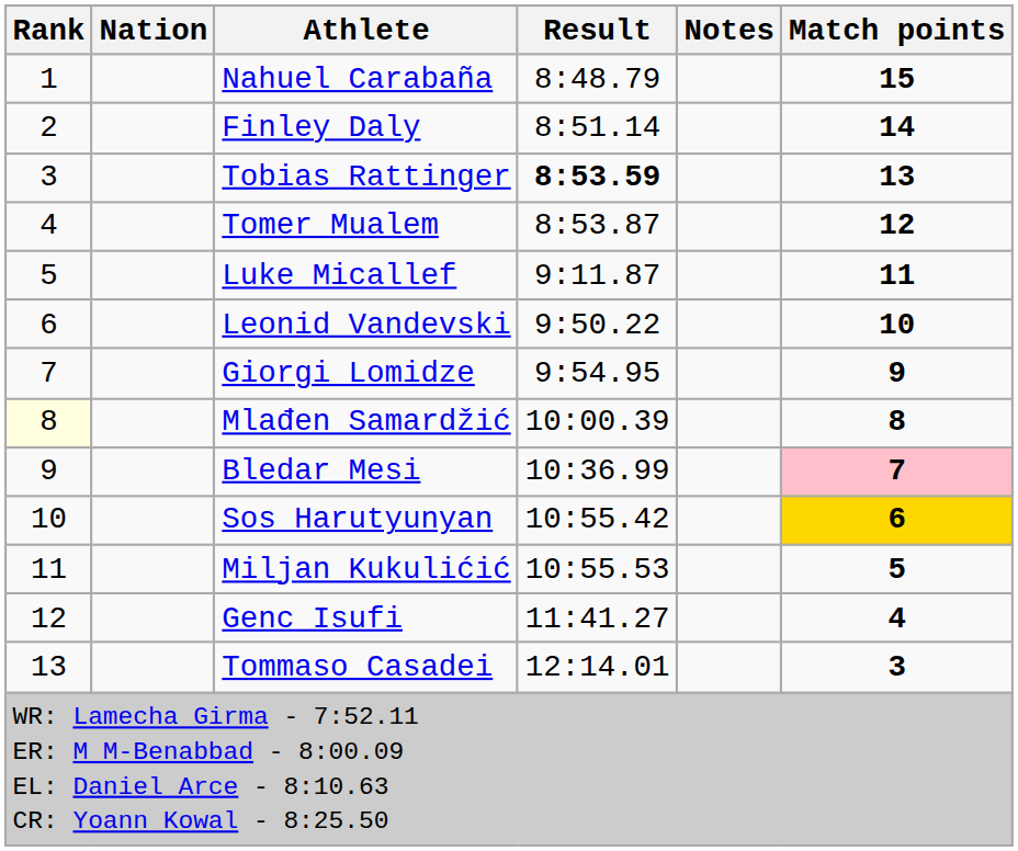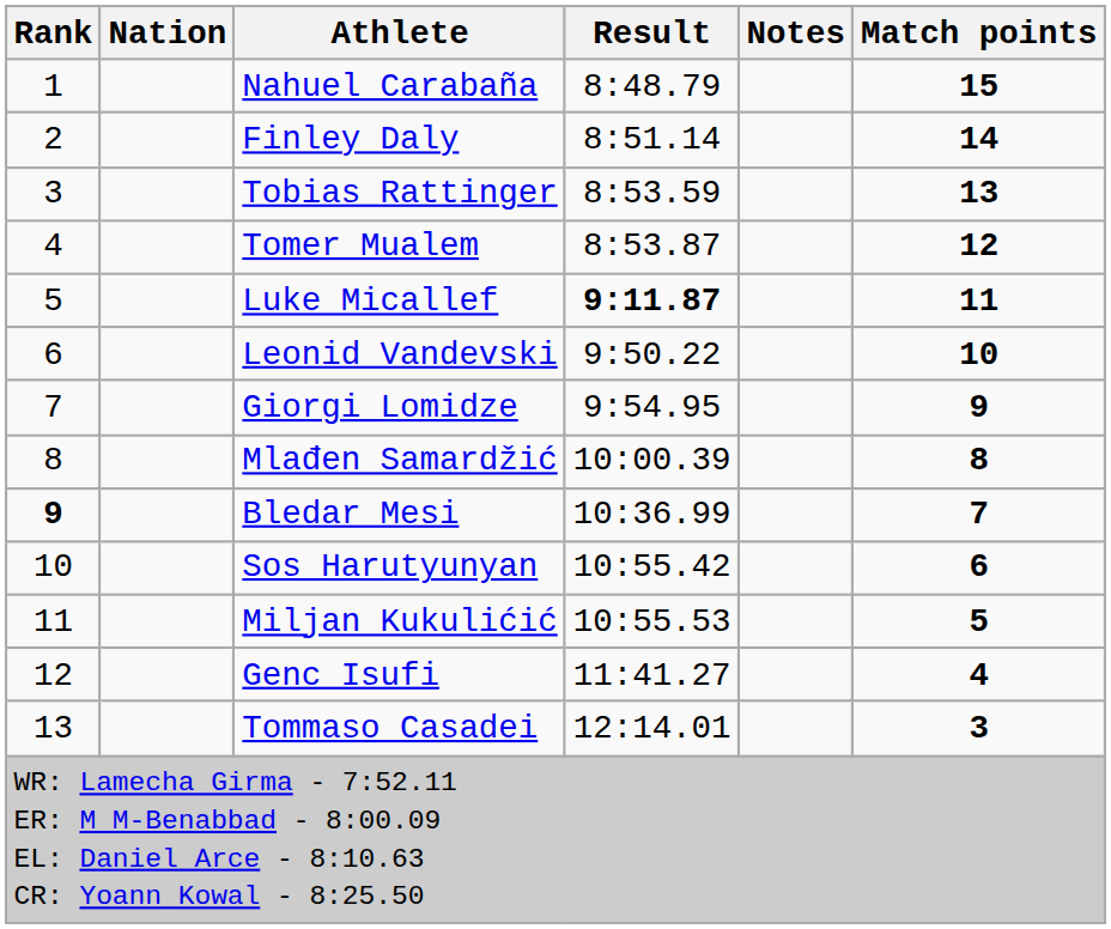 <table class="wikitable sortable" style="text-align:left;">
 <tr>
 <th>Rank</th>
 <th>Nation</th>
 <th>Athlete</th>
 <th>Result</th>
 <th>Notes</th>
 <th>Match points</th>
 </tr>
 <tr>
 <td align=center>1</td>
 <td></td>
 <td><a href='#'>Nahuel Carabaña</a></td>
 <td align=center>8:48.79</td>
 <td></td>
 <td align=center><strong>15</strong></td>
 </tr>
 <tr>
 <td align=center>2</td>
 <td></td>
 <td><a href='#'>Finley Daly</a></td>
 <td align=center>8:51.14</td>
 <td></td>
 <td align=center><strong>14</strong></td>
 </tr>
 <tr>
 <td align=center>3</td>
 <td></td>
 <td><a href='#'>Tobias Rattinger</a></td>
-<td align=center><strong>8:53.59</strong></td>
+<td align=center>8:53.59</td>
 <td></td>
 <td align=center><strong>13</strong></td>
 </tr>
 <tr>
 <td align=center>4</td>
 <td></td>
 <td><a href='#'>Tomer Mualem</a></td>
 <td align=center>8:53.87</td>
 <td></td>
 <td align=center><strong>12</strong></td>
 </tr>
 <tr>
 <td align=center>5</td>
 <td></td>
 <td><a href='#'>Luke Micallef</a></td>
-<td align=center>9:11.87</td>
+<td align=center><strong>9:11.87</strong></td>
 <td align=center></td>
 <td align=center><strong>11</strong></td>
 </tr>
 <tr>
 <td align=center>6</td>
 <td></td>
 <td><a href='#'>Leonid Vandevski</a></td>
 <td align=center>9:50.22</td>
 <td align=center></td>
 <td align=center><strong>10</strong></td>
 </tr>
 <tr>
 <td align=center>7</td>
 <td></td>
 <td><a href='#'>Giorgi Lomidze</a></td>
 <td align=center>9:54.95</td>
 <td align=center></td>
 <td align=center><strong>9</strong></td>
 </tr>
 <tr>
-<td align=center style="background: lightyellow;">8</td>
+<td align=center>8</td>
 <td></td>
 <td><a href='#'>Mlađen Samardžić</a></td>
 <td align=center>10:00.39</td>
 <td align=center></td>
 <td align=center><strong>8</strong></td>
 </tr>
 <tr>
-<td align=center>9</td>
+<td align=center><strong>9</strong></td>
 <td></td>
 <td><a href='#'>Bledar Mesi</a></td>
 <td align=center>10:36.99</td>
 <td align=center></td>
-<td align=center style="background: pink;"><strong>7</strong></td>
+<td align=center><strong>7</strong></td>
 </tr>
 <tr>
 <td align=center>10</td>
 <td></td>
 <td><a href='#'>Sos Harutyunyan</a></td>
 <td align=center>10:55.42</td>
 <td align=center></td>
-<td align=center style="background: gold;"><strong>6</strong></td>
+<td align=center><strong>6</strong></td>
 </tr>
 <tr>
 <td align=center>11</td>
 <td></td>
 <td><a href='#'>Miljan Kukulićić</a></td>
 <td align=center>10:55.53</td>
 <td align=center></td>
 <td align=center><strong>5</strong></td>
 </tr>
 <tr>
 <td align=center>12</td>
 <td></td>
 <td><a href='#'>Genc Isufi</a></td>
 <td align=center>11:41.27</td>
 <td align=center></td>
 <td align=center><strong>4</strong></td>
 </tr>
 <tr>
 <td align=center>13</td>
 <td></td>
 <td><a href='#'>Tommaso Casadei</a></td>
 <td align=center>12:14.01</td>
 <td align=center></td>
 <td align=center><strong>3</strong></td>
 </tr>
 <tr>
 <td colspan="6" bgcolor="#cccccc"><small>WR:  <a href='#'>Lamecha Girma</a> - 7:52.11<br>ER:  <a href='#'>M M-Benabbad</a> - 8:00.09<br></small><small>EL:  <a href='#'>Daniel Arce</a> - 8:10.63<br>CR:  <a href='#'>Yoann Kowal</a> - 8:25.50</small></td>
 </tr>
 </table>
